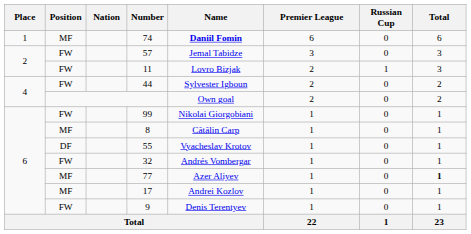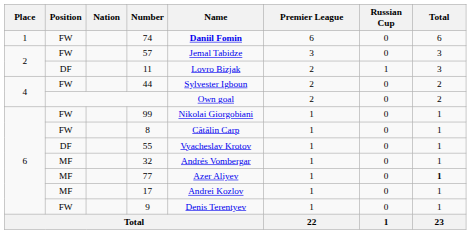 <table class="wikitable" style="font-size: 95%; text-align: center;">
 <tr>
 <th width=60>Place</th>
 <th width=60>Position</th>
 <th width=60>Nation</th>
 <th width=60>Number</th>
 <th width=150>Name</th>
 <th width=150>Premier League</th>
 <th width=80>Russian Cup</th>
 <th width=80>Total</th>
 </tr>
 <tr>
 <td>1</td>
-<td>MF</td>
+<td>FW</td>
 <td></td>
 <td>74</td>
 <td><strong><a href='#'>Daniil Fomin</a></strong></td>
 <td>6</td>
 <td>0</td>
 <td>6</td>
 </tr>
 <tr>
 <td rowspan="2'">2</td>
 <td>FW</td>
 <td></td>
 <td>57</td>
 <td><a href='#'>Jemal Tabidze</a></td>
 <td>3</td>
 <td>0</td>
 <td>3</td>
 </tr>
 <tr>
-<td>FW</td>
+<td>DF</td>
 <td></td>
 <td>11</td>
 <td><a href='#'>Lovro Bizjak</a></td>
 <td>2</td>
 <td>1</td>
 <td>3</td>
 </tr>
 <tr>
 <td rowspan="2'">4</td>
 <td>FW</td>
 <td></td>
 <td>44</td>
 <td><a href='#'>Sylvester Igboun</a></td>
 <td>2</td>
 <td>0</td>
 <td>2</td>
 </tr>
 <tr>
 <td colspan="3"></td>
 <td><a href='#'>Own goal</a></td>
 <td>2</td>
 <td>0</td>
 <td>2</td>
 </tr>
 <tr>
 <td rowspan="7'">6</td>
 <td>FW</td>
 <td></td>
 <td>99</td>
 <td><a href='#'>Nikolai Giorgobiani</a></td>
 <td>1</td>
 <td>0</td>
 <td>1</td>
 </tr>
 <tr>
-<td>MF</td>
+<td>FW</td>
 <td></td>
 <td>8</td>
 <td><a href='#'>Cătălin Carp</a></td>
 <td>1</td>
 <td>0</td>
 <td>1</td>
 </tr>
 <tr>
 <td>DF</td>
 <td></td>
 <td>55</td>
 <td><a href='#'>Vyacheslav Krotov</a></td>
 <td>1</td>
 <td>0</td>
 <td>1</td>
 </tr>
 <tr>
-<td>FW</td>
+<td>MF</td>
 <td></td>
 <td>32</td>
 <td><a href='#'>Andrés Vombergar</a></td>
 <td>1</td>
 <td>0</td>
 <td>1</td>
 </tr>
 <tr>
 <td>MF</td>
 <td></td>
 <td>77</td>
 <td><a href='#'>Azer Aliyev</a></td>
 <td>1</td>
 <td>0</td>
 <td><strong>1</strong></td>
 </tr>
 <tr>
 <td>MF</td>
 <td></td>
 <td>17</td>
 <td><a href='#'>Andrei Kozlov</a></td>
 <td>1</td>
 <td>0</td>
 <td>1</td>
 </tr>
 <tr>
 <td>FW</td>
 <td></td>
 <td>9</td>
 <td><a href='#'>Denis Terentyev</a></td>
 <td>1</td>
 <td>0</td>
 <td>1</td>
 </tr>
 <tr>
 <th colspan=5>Total</th>
 <th>22</th>
 <th>1</th>
 <th>23</th>
 </tr>
 </table>
